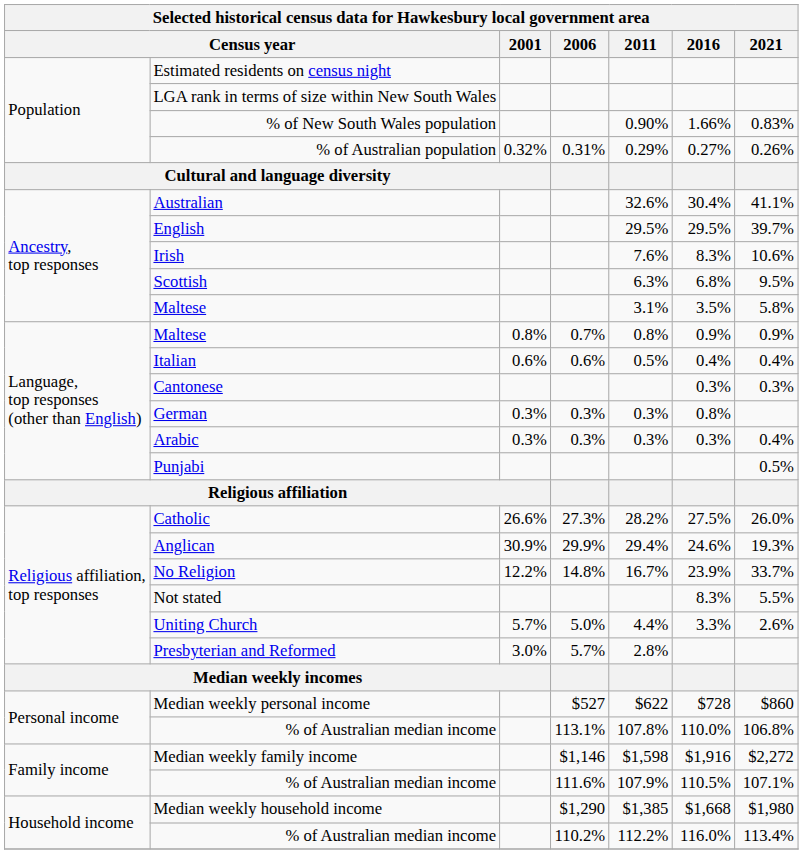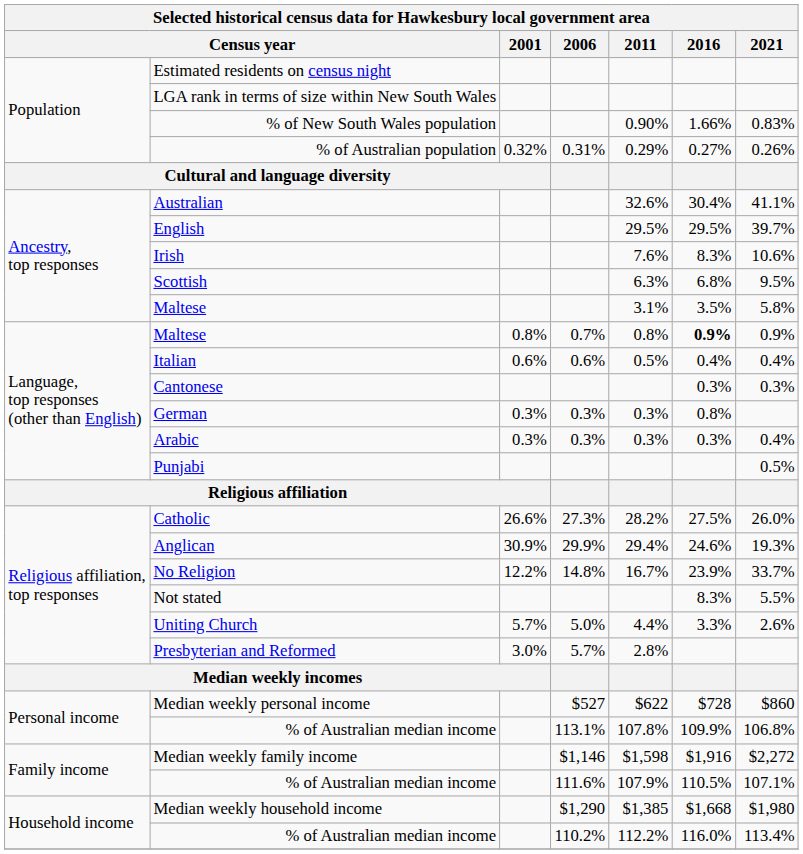 <table class="wikitable">
 <tr>
 <th colspan="7">Selected historical census data for Hawkesbury local government area</th>
 </tr>
 <tr>
 <th colspan="2">Census year</th>
 <th>2001</th>
 <th>2006</th>
 <th>2011</th>
 <th>2016</th>
 <th>2021</th>
 </tr>
 <tr>
 <td rowspan="4">Population</td>
 <td>Estimated residents on <a href='#'>census night</a></td>
 <td align="right"></td>
 <td align="right"> </td>
 <td align="right"> </td>
 <td align="right"> </td>
 <td align="right"> </td>
 </tr>
 <tr>
 <td align="right">LGA rank in terms of size within New South Wales</td>
 <td align="right"></td>
 <td align="right"></td>
 <td align="right"><small></small></td>
 <td align="right"></td>
 <td align="right"></td>
 </tr>
 <tr>
 <td align="right">% of New South Wales population</td>
 <td align="right"></td>
 <td align="right"></td>
 <td align="right">0.90%</td>
 <td align="right"> 1.66%</td>
 <td align="right"> 0.83%</td>
 </tr>
 <tr>
 <td align="right">% of Australian population</td>
 <td align="right">0.32%</td>
 <td align="right"> 0.31%</td>
 <td align="right"> 0.29%</td>
 <td align="right"> 0.27%</td>
 <td align="right"> 0.26%</td>
 </tr>
 <tr>
 <th colspan="3">Cultural and language diversity</th>
 <th></th>
 <th></th>
 <th></th>
 <th></th>
 </tr>
 <tr>
 <td rowspan="5"><a href='#'>Ancestry</a>,<br>top responses</td>
 <td><a href='#'>Australian</a></td>
 <td align="right"></td>
 <td align="right"></td>
 <td align="right">32.6%</td>
 <td align="right"> 30.4%</td>
 <td align="right"> 41.1%</td>
 </tr>
 <tr>
 <td><a href='#'>English</a></td>
 <td align="right"></td>
 <td align="right"></td>
 <td align="right">29.5%</td>
 <td align="right"> 29.5%</td>
 <td align="right"> 39.7%</td>
 </tr>
 <tr>
 <td><a href='#'>Irish</a></td>
 <td align="right"></td>
 <td align="right"></td>
 <td align="right">7.6%</td>
 <td align="right"> 8.3%</td>
 <td align="right"> 10.6%</td>
 </tr>
 <tr>
 <td><a href='#'>Scottish</a></td>
 <td align="right"></td>
 <td align="right"></td>
 <td align="right">6.3%</td>
 <td align="right"> 6.8%</td>
 <td align="right"> 9.5%</td>
 </tr>
 <tr>
 <td><a href='#'>Maltese</a></td>
 <td align="right"></td>
 <td align="right"></td>
 <td align="right">3.1%</td>
 <td align="right"> 3.5%</td>
 <td align="right"> 5.8%</td>
 </tr>
 <tr>
 <td rowspan="6">Language,<br>top responses<br>(other than <a href='#'>English</a>)</td>
 <td><a href='#'>Maltese</a></td>
 <td align="right">0.8%</td>
 <td align="right"> 0.7%</td>
 <td align="right"> 0.8%</td>
-<td align="right"> 0.9%</td>
+<td align="right"><strong> 0.9%</strong></td>
 <td align="right"> 0.9%</td>
 </tr>
 <tr>
 <td><a href='#'>Italian</a></td>
 <td align="right">0.6%</td>
 <td align="right"> 0.6%</td>
 <td align="right"> 0.5%</td>
 <td align="right"> 0.4%</td>
 <td align="right"> 0.4%</td>
 </tr>
 <tr>
 <td><a href='#'>Cantonese</a></td>
 <td align="right"></td>
 <td align="right"></td>
 <td align="right"></td>
 <td align="right">0.3%</td>
 <td align="right"> 0.3%</td>
 </tr>
 <tr>
 <td><a href='#'>German</a></td>
 <td align="right">0.3%</td>
 <td align="right"> 0.3%</td>
 <td align="right"> 0.3%</td>
 <td align="right"> 0.8%</td>
 <td align="right"></td>
 </tr>
 <tr>
 <td><a href='#'>Arabic</a></td>
 <td align="right">0.3%</td>
 <td align="right"> 0.3%</td>
 <td align="right"> 0.3%</td>
 <td align="right"> 0.3%</td>
 <td align="right"> 0.4%</td>
 </tr>
 <tr>
 <td><a href='#'>Punjabi</a></td>
 <td align="right"></td>
 <td align="right"></td>
 <td align="right"></td>
 <td align="right"></td>
 <td align="right">0.5%</td>
 </tr>
 <tr>
 <th colspan="3">Religious affiliation</th>
 <th></th>
 <th></th>
 <th></th>
 <th></th>
 </tr>
 <tr>
 <td rowspan="6"><a href='#'>Religious</a> affiliation,<br>top responses</td>
 <td><a href='#'>Catholic</a></td>
 <td align="right">26.6%</td>
 <td align="right"> 27.3%</td>
 <td align="right"> 28.2%</td>
 <td align="right"> 27.5%</td>
 <td align="right"> 26.0%</td>
 </tr>
 <tr>
 <td><a href='#'>Anglican</a></td>
 <td align="right">30.9%</td>
 <td align="right"> 29.9%</td>
 <td align="right"> 29.4%</td>
 <td align="right"> 24.6%</td>
 <td align="right"> 19.3%</td>
 </tr>
 <tr>
 <td><a href='#'>No Religion</a></td>
 <td align="right">12.2%</td>
 <td align="right"> 14.8%</td>
 <td align="right"> 16.7%</td>
 <td align="right"> 23.9%</td>
 <td align="right"> 33.7%</td>
 </tr>
 <tr>
 <td>Not stated</td>
 <td align="right"></td>
 <td align="right"></td>
 <td align="right"></td>
 <td align="right">8.3%</td>
 <td align="right"> 5.5%</td>
 </tr>
 <tr>
 <td><a href='#'>Uniting Church</a></td>
 <td align="right">5.7%</td>
 <td align="right"> 5.0%</td>
 <td align="right"> 4.4%</td>
 <td align="right"> 3.3%</td>
 <td align="right"> 2.6%</td>
 </tr>
 <tr>
 <td><a href='#'>Presbyterian and Reformed</a></td>
 <td align="right">3.0%</td>
 <td align="right"> 5.7%</td>
 <td align="right"> 2.8%</td>
 <td align="right"></td>
 <td align="right"></td>
 </tr>
 <tr>
 <th colspan="3">Median weekly incomes</th>
 <th></th>
 <th></th>
 <th></th>
 <th></th>
 </tr>
 <tr>
 <td rowspan="2">Personal income</td>
 <td>Median weekly personal income</td>
 <td align="right"></td>
 <td align="right">$527</td>
 <td align="right"> $622</td>
 <td align="right"> $728</td>
 <td align="right"> $860</td>
 </tr>
 <tr>
 <td align="right">% of Australian median income</td>
 <td align="right"></td>
 <td align="right">113.1%</td>
 <td align="right"> 107.8%</td>
-<td align="right"> 110.0%</td>
+<td align="right"> 109.9%</td>
 <td align="right"> 106.8%</td>
 </tr>
 <tr>
 <td rowspan="2">Family income</td>
 <td>Median weekly family income</td>
 <td align="right"></td>
 <td align="right">$1,146</td>
 <td align="right"> $1,598</td>
 <td align="right"> $1,916</td>
 <td align="right"> $2,272</td>
 </tr>
 <tr>
 <td align="right">% of Australian median income</td>
 <td align="right"></td>
 <td align="right">111.6%</td>
 <td align="right"> 107.9%</td>
 <td align="right"> 110.5%</td>
 <td align="right"> 107.1%</td>
 </tr>
 <tr>
 <td rowspan="2">Household income</td>
 <td>Median weekly household income</td>
 <td align="right"></td>
 <td align="right">$1,290</td>
 <td align="right"> $1,385</td>
 <td align="right"> $1,668</td>
 <td align="right"> $1,980</td>
 </tr>
 <tr>
 <td align="right">% of Australian median income</td>
 <td align="right"></td>
 <td align="right">110.2%</td>
 <td align="right"> 112.2%</td>
 <td align="right"> 116.0%</td>
 <td align="right"> 113.4%</td>
 </tr>
 <tr>
 </tr>
 </table>
